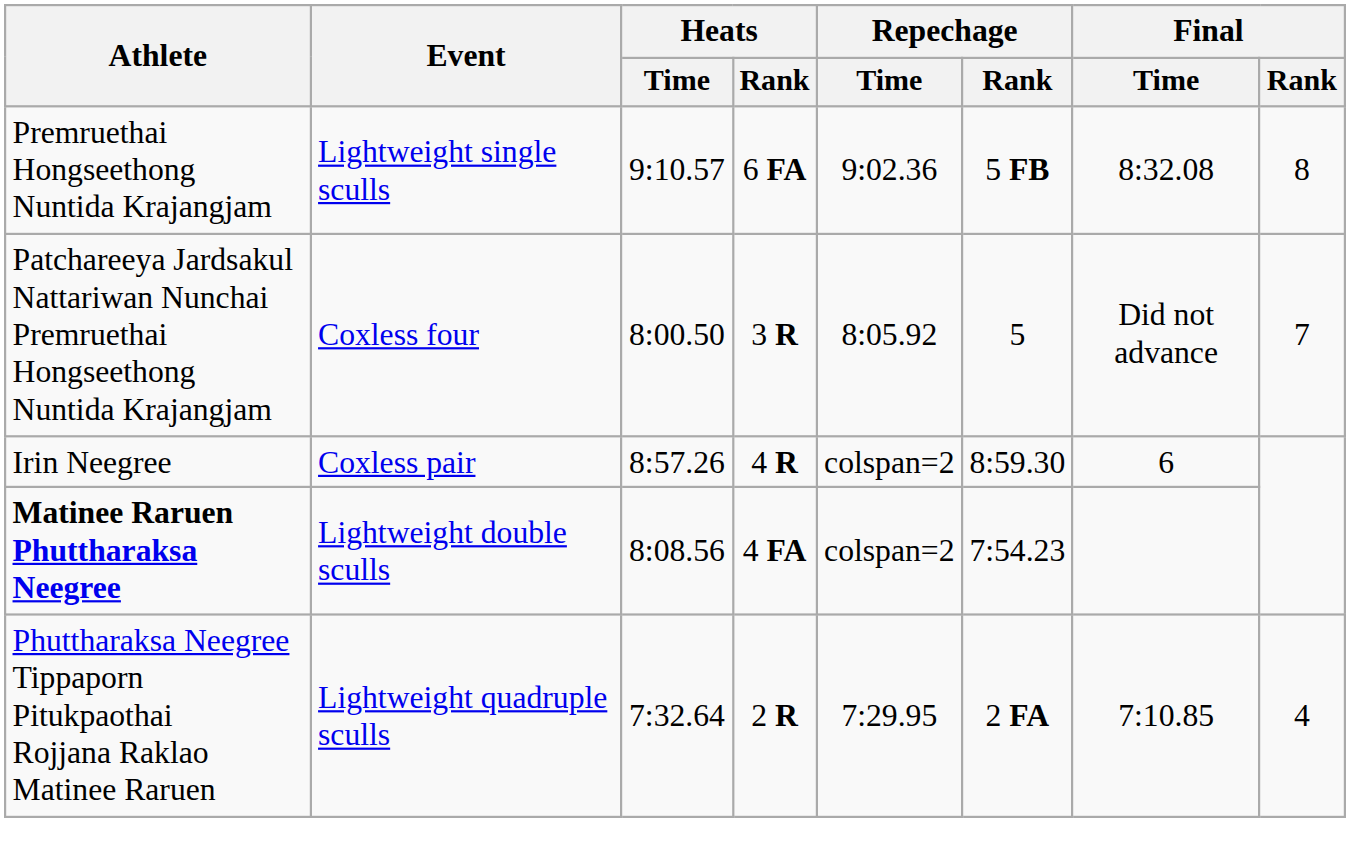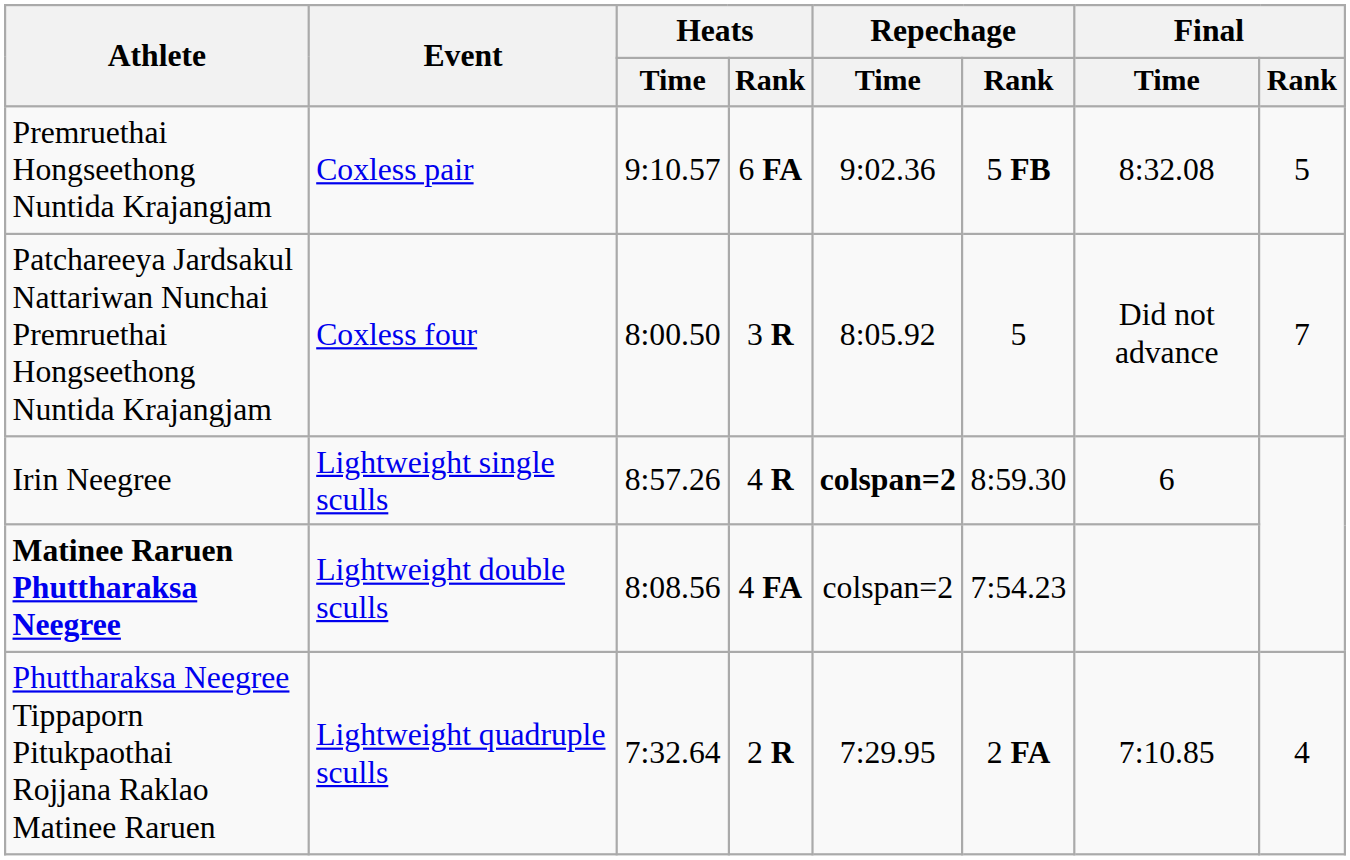 <table class=wikitable style=font-size:90%;text-align:center>
 <tr>
 <th rowspan=2>Athlete</th>
 <th rowspan=2>Event</th>
 <th colspan=2>Heats</th>
 <th colspan=2>Repechage</th>
 <th colspan=2>Final</th>
 </tr>
 <tr style="font-size:95%">
 <th>Time</th>
 <th>Rank</th>
 <th>Time</th>
 <th>Rank</th>
 <th>Time</th>
 <th>Rank</th>
 </tr>
 <tr>
 <td align=left>Premruethai Hongseethong<br>Nuntida Krajangjam</td>
-<td align=left><a href='#'>Lightweight single sculls</a></td>
+<td align=left><a href='#'>Coxless pair</a></td>
 <td>9:10.57</td>
 <td>6 <strong>FA</strong></td>
 <td>9:02.36</td>
 <td>5 <strong>FB</strong></td>
 <td>8:32.08</td>
-<td>8</td>
+<td>5</td>
 </tr>
 <tr>
 <td align=left>Patchareeya Jardsakul<br>Nattariwan Nunchai<br>Premruethai Hongseethong<br>Nuntida Krajangjam</td>
 <td align=left><a href='#'>Coxless four</a></td>
 <td>8:00.50</td>
 <td>3 <strong>R</strong></td>
 <td>8:05.92</td>
 <td>5</td>
 <td>Did not advance</td>
 <td>7</td>
 </tr>
 <tr>
 <td align=left>Irin Neegree</td>
-<td align=left><a href='#'>Coxless pair</a></td>
+<td align=left><a href='#'>Lightweight single sculls</a></td>
 <td>8:57.26</td>
 <td>4 <strong>R</strong></td>
-<td>colspan=2 </td>
+<td><strong>colspan=2 </strong></td>
 <td>8:59.30</td>
 <td>6</td>
 </tr>
 <tr>
 <td align=left><strong>Matinee Raruen<br><a href='#'>Phuttharaksa Neegree</a></strong></td>
 <td align=left><a href='#'>Lightweight double sculls</a></td>
 <td>8:08.56</td>
 <td>4 <strong>FA</strong></td>
 <td>colspan=2 </td>
 <td>7:54.23</td>
 <td></td>
 </tr>
 <tr>
 <td align=left><a href='#'>Phuttharaksa Neegree</a><br>Tippaporn Pitukpaothai<br>Rojjana Raklao<br>Matinee Raruen</td>
 <td align=left><a href='#'>Lightweight quadruple sculls</a></td>
 <td>7:32.64</td>
 <td>2 <strong>R</strong></td>
 <td>7:29.95</td>
 <td>2 <strong>FA</strong></td>
 <td>7:10.85</td>
 <td>4</td>
 </tr>
 </table>
